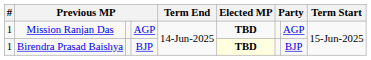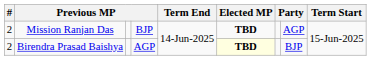 <table class="wikitable" style="text-align:center;">
 <tr>
 <th>#</th>
 <th colspan="3">Previous MP</th>
 <th>Term End</th>
 <th>Elected MP</th>
 <th colspan="2">Party</th>
 <th>Term Start</th>
 </tr>
 <tr>
-<td>1</td>
+<td>2</td>
 <td><a href='#'>Mission Ranjan Das</a></td>
 <td width="1px"></td>
-<td><a href='#'>AGP</a></td>
+<td><a href='#'>BJP</a></td>
 <td rowspan="2">14-Jun-2025</td>
 <td><strong>TBD</strong></td>
 <td width="1px"></td>
 <td><a href='#'>AGP</a></td>
 <td rowspan="2">15-Jun-2025</td>
 </tr>
 <tr>
-<td>1</td>
+<td>2</td>
 <td><a href='#'>Birendra Prasad Baishya</a></td>
 <td width="1px"></td>
-<td><a href='#'>BJP</a></td>
+<td><a href='#'>AGP</a></td>
 <td style="background: lightyellow;"><strong>TBD</strong></td>
 <td width="1px"></td>
 <td><a href='#'>BJP</a></td>
 </tr>
 </table>
